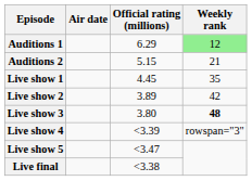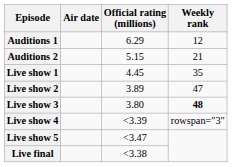 <table class="wikitable sortable" style="text-align:center">
 <tr>
 <th scope="col">Episode</th>
 <th scope="col">Air date</th>
 <th scope="col">Official rating<br>(millions)</th>
 <th scope="col">Weekly<br>rank</th>
 </tr>
 <tr>
 <th scope="row">Auditions 1</th>
 <td></td>
 <td>6.29</td>
-<td style="background: lightgreen;">12</td>
+<td>12</td>
 </tr>
 <tr>
 <th scope="row">Auditions 2</th>
 <td></td>
 <td>5.15</td>
 <td>21</td>
 </tr>
 <tr>
 <th scope="row">Live show 1</th>
 <td></td>
 <td>4.45</td>
 <td>35</td>
 </tr>
 <tr>
 <th scope="row">Live show 2</th>
 <td></td>
 <td>3.89</td>
-<td>42</td>
+<td>47</td>
 </tr>
 <tr>
 <th scope="row">Live show 3</th>
 <td></td>
 <td>3.80</td>
 <td><strong>48</strong></td>
 </tr>
 <tr>
 <th scope="row">Live show 4</th>
 <td></td>
 <td><3.39</td>
 <td>rowspan="3" </td>
 </tr>
 <tr>
 <th scope="row">Live show 5</th>
 <td></td>
 <td><3.47</td>
 </tr>
 <tr>
 <th scope="row">Live final</th>
 <td></td>
 <td><3.38</td>
 </tr>
 </table>
